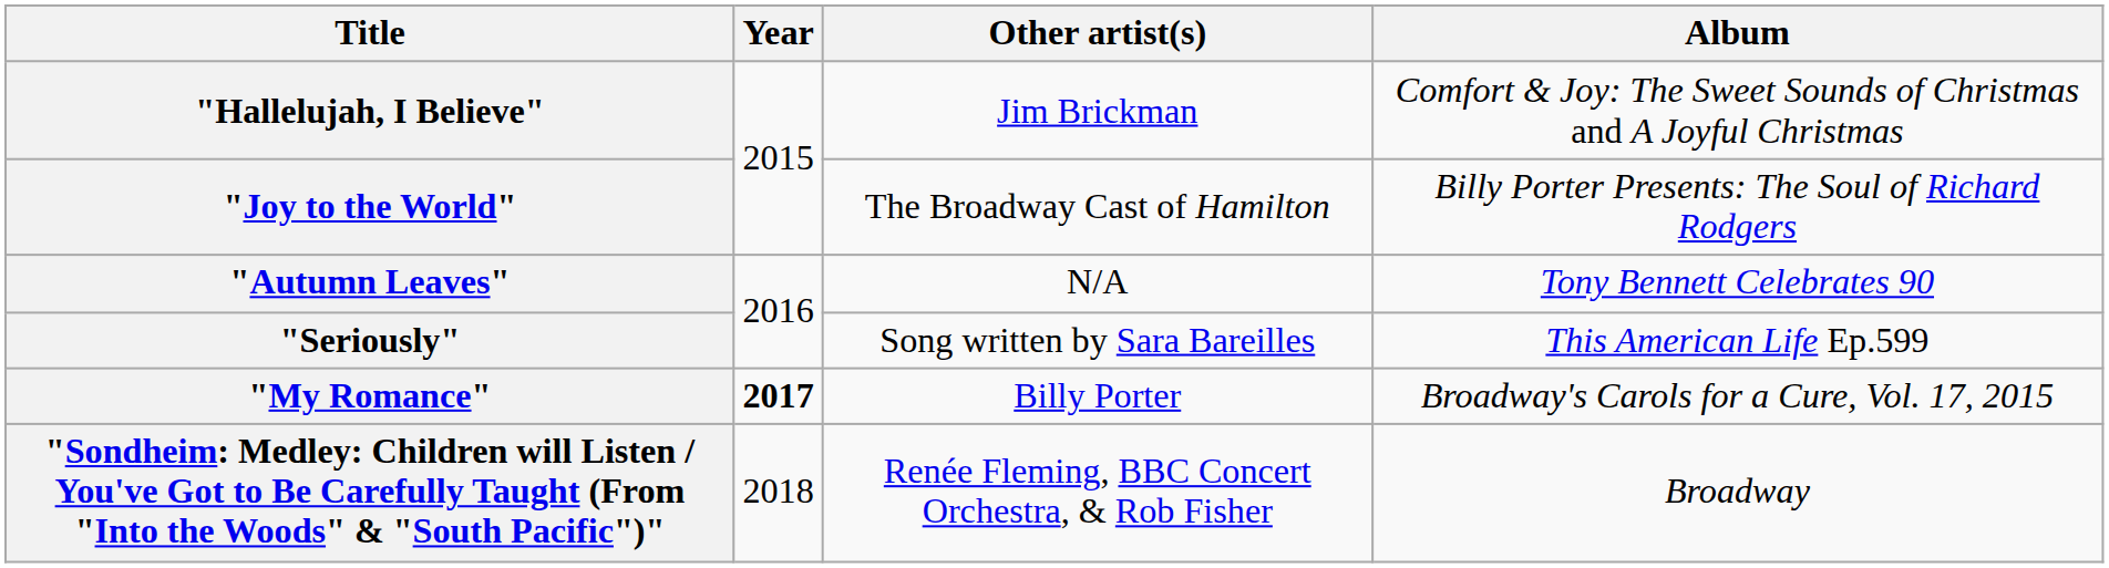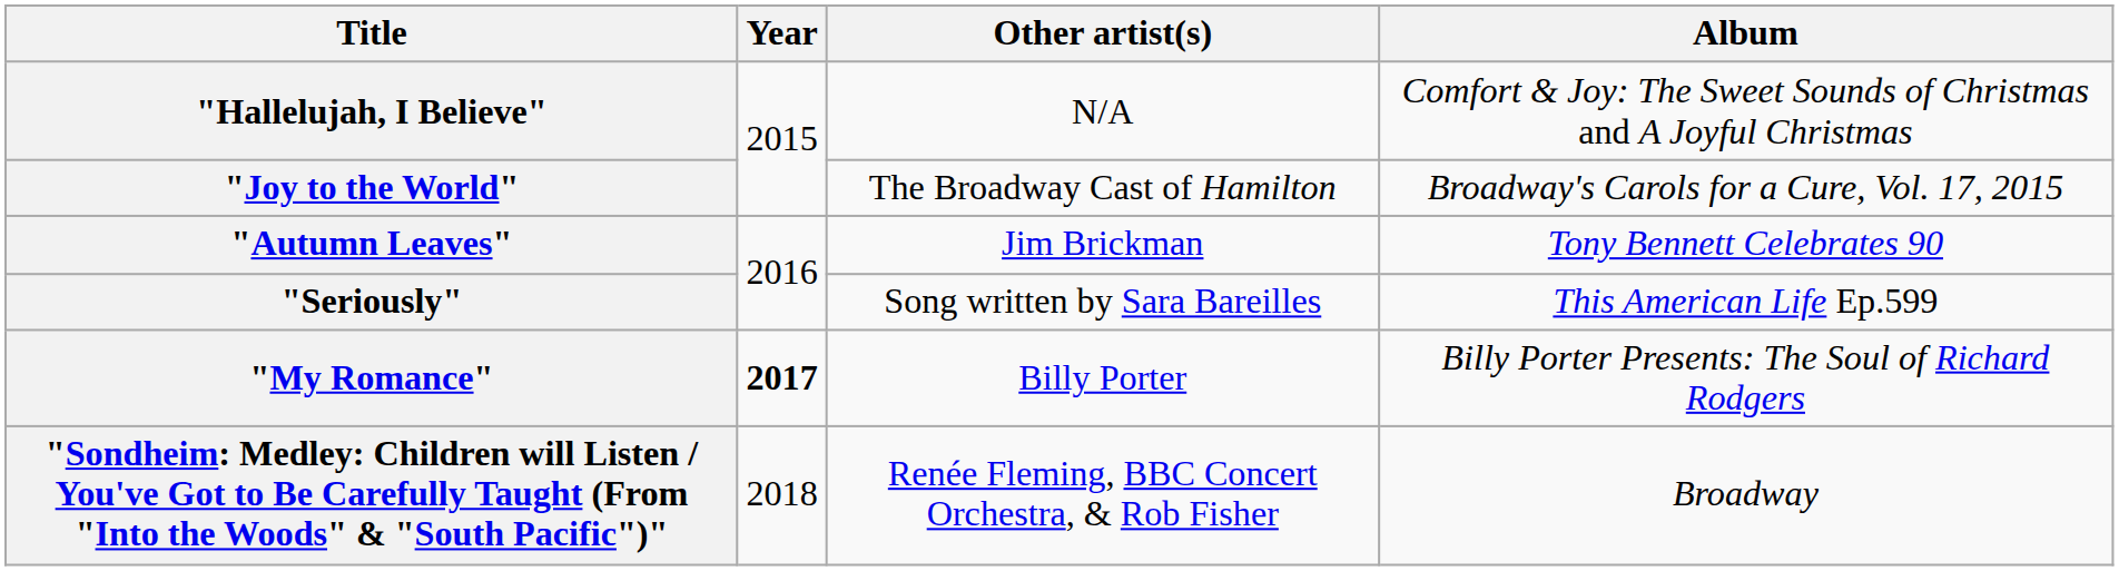 <table class="wikitable plainrowheaders" style="text-align:center;">
 <tr>
 <th scope="col" style="width:20em;">Title</th>
 <th scope="col" style="width:1em;">Year</th>
 <th scope="col" style="width:15em;">Other artist(s)</th>
 <th scope="col" style="width:20em;">Album</th>
 </tr>
 <tr>
 <th scope="row">"Hallelujah, I Believe"</th>
 <td rowspan="2">2015</td>
-<td><a href='#'>Jim Brickman</a></td>
+<td>N/A</td>
 <td><em>Comfort & Joy: The Sweet Sounds of Christmas</em> and <em>A Joyful Christmas</em></td>
 </tr>
 <tr>
 <th scope="row">"<a href='#'>Joy to the World</a>"</th>
 <td>The Broadway Cast of <em>Hamilton</em></td>
-<td><em>Billy Porter Presents: The Soul of <a href='#'>Richard Rodgers</a></em></td>
+<td><em>Broadway's Carols for a Cure, Vol. 17, 2015</em></td>
 </tr>
 <tr>
 <th scope="row">"<a href='#'>Autumn Leaves</a>"</th>
 <td rowspan="2">2016</td>
-<td>N/A</td>
+<td><a href='#'>Jim Brickman</a></td>
 <td><em><a href='#'>Tony Bennett Celebrates 90</a></em></td>
 </tr>
 <tr>
 <th scope="row">"Seriously"</th>
 <td>Song written by <a href='#'>Sara Bareilles</a></td>
 <td><em><a href='#'>This American Life</a></em> Ep.599</td>
 </tr>
 <tr>
 <th scope="row">"<a href='#'>My Romance</a>"</th>
 <td><strong>2017</strong></td>
 <td><a href='#'>Billy Porter</a></td>
-<td><em>Broadway's Carols for a Cure, Vol. 17, 2015</em></td>
+<td><em>Billy Porter Presents: The Soul of <a href='#'>Richard Rodgers</a></em></td>
 </tr>
 <tr>
 <th scope="row">"<a href='#'>Sondheim</a>: Medley: Children will Listen / <a href='#'>You've Got to Be Carefully Taught</a> (From "<a href='#'>Into the Woods</a>" & "<a href='#'>South Pacific</a>")"</th>
 <td>2018</td>
 <td><a href='#'>Renée Fleming</a>, <a href='#'>BBC Concert Orchestra</a>, & <a href='#'>Rob Fisher</a></td>
 <td><em>Broadway</em></td>
 </tr>
 </table>
